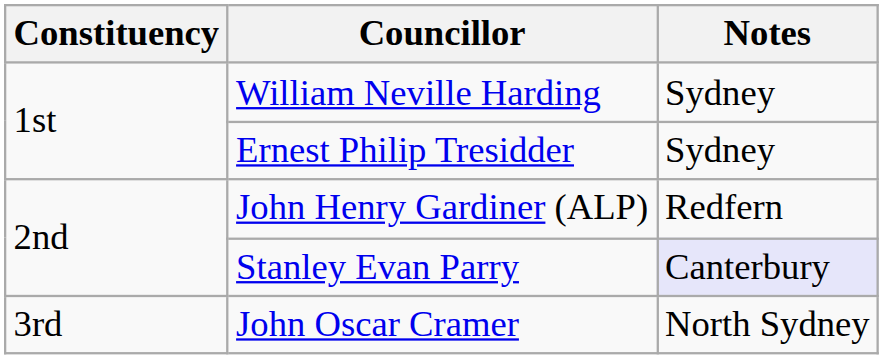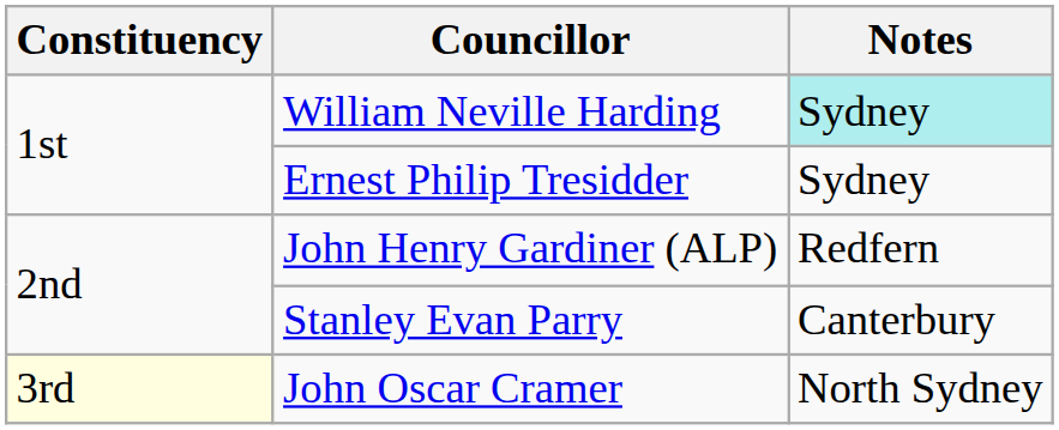 <table class="wikitable">
 <tr>
 <th>Constituency</th>
 <th>Councillor</th>
 <th>Notes</th>
 </tr>
 <tr>
 <td rowspan="2">1st</td>
 <td><a href='#'>William Neville Harding</a></td>
-<td>Sydney</td>
+<td style="background: paleturquoise;">Sydney</td>
 </tr>
 <tr>
 <td><a href='#'>Ernest Philip Tresidder</a></td>
 <td>Sydney</td>
 </tr>
 <tr>
 <td rowspan="2">2nd</td>
 <td><a href='#'>John Henry Gardiner</a> (ALP)</td>
 <td>Redfern</td>
 </tr>
 <tr>
 <td><a href='#'>Stanley Evan Parry</a></td>
-<td style="background: lavender;">Canterbury</td>
+<td>Canterbury</td>
 </tr>
 <tr>
-<td>3rd</td>
+<td style="background: lightyellow;">3rd</td>
 <td><a href='#'>John Oscar Cramer</a></td>
 <td>North Sydney</td>
 </tr>
 </table>
